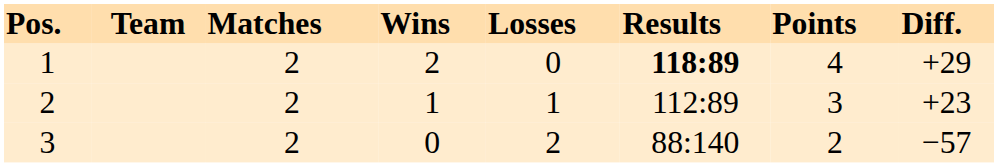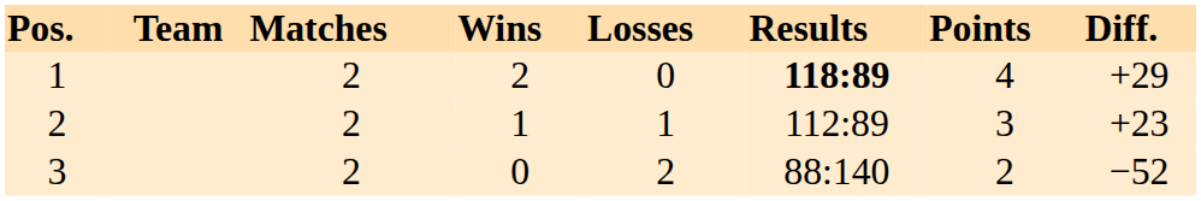 <table style="text-align:left" border="0" cellspacing="0" width="500px">
 <tr bgcolor="#FFDEAD">
 <th>Pos.</th>
 <th align="center">Team</th>
 <th>Matches</th>
 <th>Wins</th>
 <th>Losses</th>
 <th>Results</th>
 <th>Points</th>
 <th>Diff.</th>
 </tr>
 <tr bgcolor="#FFECCE" align="center">
 <td>1</td>
 <td align="left"></td>
 <td>2</td>
 <td>2</td>
 <td>0</td>
 <td><strong>118:89</strong></td>
 <td>4</td>
 <td>+29</td>
 </tr>
 <tr bgcolor="#FFECCE" align="center">
 <td>2</td>
 <td align="left"></td>
 <td>2</td>
 <td>1</td>
 <td>1</td>
 <td>112:89</td>
 <td>3</td>
 <td>+23</td>
 </tr>
 <tr bgcolor="#FFECCE" align="center">
 <td>3</td>
 <td align="left"></td>
 <td>2</td>
 <td>0</td>
 <td>2</td>
 <td>88:140</td>
 <td>2</td>
-<td>−57</td>
+<td>−52</td>
 </tr>
 </table>
